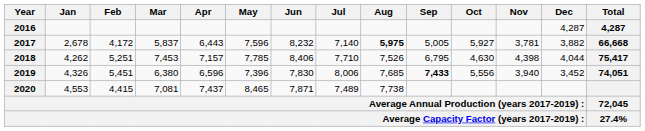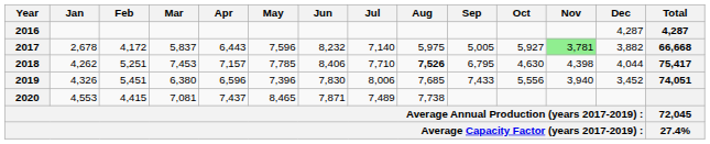 <table class=wikitable style="text-align:right; font-size:0.9em; width:950px;">
 <tr>
 <th>Year</th>
 <th>Jan</th>
 <th>Feb</th>
 <th>Mar</th>
 <th>Apr</th>
 <th>May</th>
 <th>Jun</th>
 <th>Jul</th>
 <th>Aug</th>
 <th>Sep</th>
 <th>Oct</th>
 <th>Nov</th>
 <th>Dec</th>
 <th>Total</th>
 </tr>
 <tr>
 <th>2016</th>
 <td></td>
 <td></td>
 <td></td>
 <td></td>
 <td></td>
 <td></td>
 <td></td>
 <td></td>
 <td></td>
 <td></td>
 <td></td>
 <td>4,287</td>
 <th>4,287</th>
 </tr>
 <tr>
 <th>2017</th>
 <td>2,678</td>
 <td>4,172</td>
 <td>5,837</td>
 <td>6,443</td>
 <td>7,596</td>
 <td>8,232</td>
 <td>7,140</td>
-<td><strong>5,975</strong></td>
+<td>5,975</td>
 <td>5,005</td>
 <td>5,927</td>
-<td>3,781</td>
+<td style="background: lightgreen;">3,781</td>
 <td>3,882</td>
 <th>66,668</th>
 </tr>
 <tr>
 <th>2018</th>
 <td>4,262</td>
 <td>5,251</td>
 <td>7,453</td>
 <td>7,157</td>
 <td>7,785</td>
 <td>8,406</td>
 <td>7,710</td>
-<td>7,526</td>
+<td><strong>7,526</strong></td>
 <td>6,795</td>
 <td>4,630</td>
 <td>4,398</td>
 <td>4,044</td>
 <th>75,417</th>
 </tr>
 <tr>
 <th>2019</th>
 <td>4,326</td>
 <td>5,451</td>
 <td>6,380</td>
 <td>6,596</td>
 <td>7,396</td>
 <td>7,830</td>
 <td>8,006</td>
 <td>7,685</td>
-<td><strong>7,433</strong></td>
+<td>7,433</td>
 <td>5,556</td>
 <td>3,940</td>
 <td>3,452</td>
 <th>74,051</th>
 </tr>
 <tr>
 <th>2020</th>
 <td>4,553</td>
 <td>4,415</td>
 <td>7,081</td>
 <td>7,437</td>
 <td>8,465</td>
 <td>7,871</td>
 <td>7,489</td>
 <td>7,738</td>
 <td></td>
 <td></td>
 <td></td>
 <td></td>
 <th></th>
 </tr>
 <tr>
 <th colspan=13 style="text-align: right;">Average Annual Production (years 2017-2019) :</th>
 <th>72,045</th>
 </tr>
 <tr>
 <th colspan=13 style="text-align: right;">Average <a href='#'>Capacity Factor</a> (years 2017-2019) :</th>
 <th>27.4%</th>
 </tr>
 </table>
